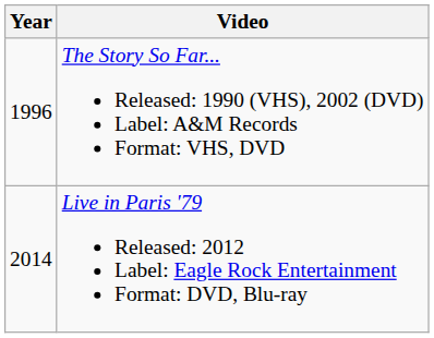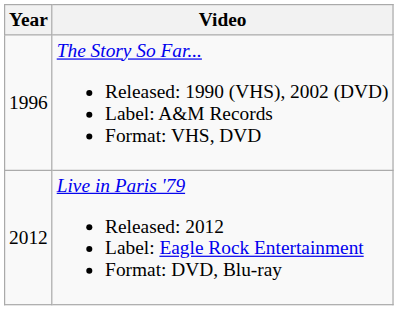 <table class="wikitable">
 <tr>
 <th>Year</th>
 <th>Video</th>
 </tr>
 <tr>
 <td>1996</td>
 <td><em><a href='#'>The Story So Far...</a></em><br><ul><li>Released: 1990 (VHS), 2002 (DVD)</li><li>Label: A&M Records</li><li>Format: VHS, DVD</li></ul></td>
 </tr>
 <tr>
-<td>2014</td>
+<td>2012</td>
 <td><em><a href='#'>Live in Paris '79</a></em><br><ul><li>Released: 2012</li><li>Label: <a href='#'>Eagle Rock Entertainment</a></li><li>Format: DVD, Blu-ray</li></ul></td>
 </tr>
 </table>
